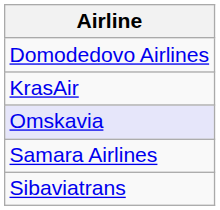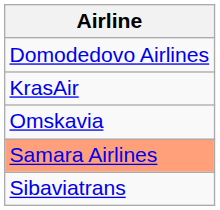 <table class="wikitable sortable">
 <tr>
 <th bgcolor="silver">Airline</th>
 </tr>
 <tr>
 <td> <a href='#'>Domodedovo Airlines</a></td>
 </tr>
 <tr>
 <td> <a href='#'>KrasAir</a></td>
 </tr>
 <tr>
-<td style="background: lavender;"> <a href='#'>Omskavia</a></td>
+<td> <a href='#'>Omskavia</a></td>
 </tr>
 <tr>
-<td> <a href='#'>Samara Airlines</a></td>
+<td style="background: lightsalmon;"> <a href='#'>Samara Airlines</a></td>
 </tr>
 <tr>
 <td> <a href='#'>Sibaviatrans</a></td>
 </tr>
 </table>
